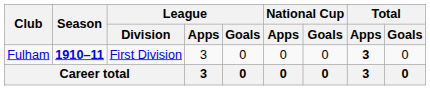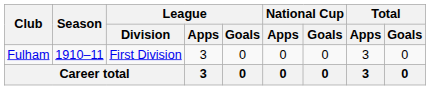 <table class="wikitable" style="text-align:center">
 <tr>
 <th rowspan="2">Club</th>
 <th rowspan="2">Season</th>
 <th colspan="3">League</th>
 <th colspan="2">National Cup</th>
 <th colspan="2">Total</th>
 </tr>
 <tr>
 <th>Division</th>
 <th>Apps</th>
 <th>Goals</th>
 <th>Apps</th>
 <th>Goals</th>
 <th>Apps</th>
 <th>Goals</th>
 </tr>
 <tr>
 <td><a href='#'>Fulham</a></td>
-<td><strong><a href='#'>1910–11</a></strong></td>
+<td><a href='#'>1910–11</a></td>
 <td><a href='#'>First Division</a></td>
 <td>3</td>
 <td>0</td>
 <td>0</td>
 <td>0</td>
-<td><strong>3</strong></td>
+<td>3</td>
 <td>0</td>
 </tr>
 <tr>
 <th colspan="3">Career total</th>
 <th>3</th>
 <th>0</th>
 <th>0</th>
 <th>0</th>
 <th>3</th>
 <th>0</th>
 </tr>
 </table>
